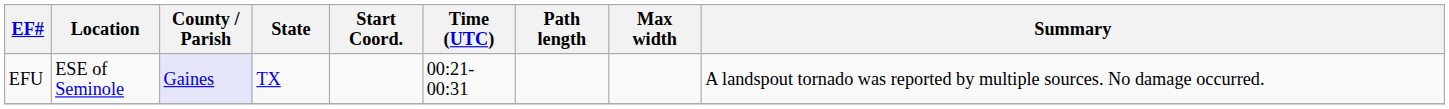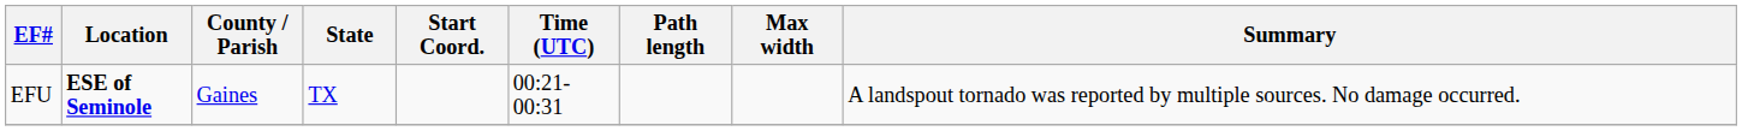 <table class="wikitable sortable" style="width:100%;">
 <tr>
 <th scope="col"  style="width:3%; text-align:center;"><a href='#'>EF#</a></th>
 <th scope="col"  style="width:7%; text-align:center;" class="unsortable">Location</th>
 <th scope="col"  style="width:6%; text-align:center;" class="unsortable">County / Parish</th>
 <th scope="col"  style="width:5%; text-align:center;">State</th>
 <th scope="col"  style="width:6%; text-align:center;">Start Coord.</th>
 <th scope="col"  style="width:6%; text-align:center;">Time (<a href='#'>UTC</a>)</th>
 <th scope="col"  style="width:6%; text-align:center;">Path length</th>
 <th scope="col"  style="width:6%; text-align:center;">Max width</th>
 <th scope="col" class="unsortable" style="width:48%; text-align:center;">Summary</th>
 </tr>
 <tr>
 <td>EFU</td>
-<td>ESE of <a href='#'>Seminole</a></td>
-<td style="background: lavender;"><a href='#'>Gaines</a></td>
+<td><strong>ESE of <a href='#'>Seminole</a></strong></td>
+<td><a href='#'>Gaines</a></td>
 <td><a href='#'>TX</a></td>
 <td></td>
 <td>00:21-00:31</td>
 <td></td>
 <td></td>
 <td>A landspout tornado was reported by multiple sources. No damage occurred.</td>
 </tr>
 <tr>
 </tr>
 </table>
